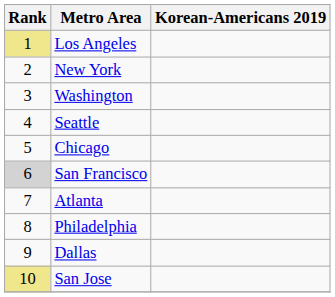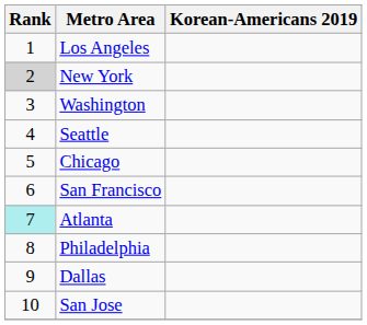 <table class="wikitable sortable">
 <tr>
 <th>Rank</th>
 <th>Metro Area</th>
 <th>Korean-Americans 2019</th>
 </tr>
 <tr>
-<td align=center style="background: khaki;">1</td>
+<td align=center>1</td>
 <td><a href='#'>Los Angeles</a></td>
 <td align=right></td>
 </tr>
 <tr>
-<td align=center>2</td>
+<td align=center style="background: lightgrey;">2</td>
 <td><a href='#'>New York</a></td>
 <td align=right></td>
 </tr>
 <tr |->
 <td align=center>3</td>
 <td><a href='#'>Washington</a></td>
 <td align=right></td>
 </tr>
 <tr>
 <td align=center>4</td>
 <td><a href='#'>Seattle</a></td>
 <td align=right></td>
 </tr>
 <tr>
 <td align=center>5</td>
 <td><a href='#'>Chicago</a></td>
 <td align=right></td>
 </tr>
 <tr>
-<td align=center style="background: lightgrey;">6</td>
+<td align=center>6</td>
 <td><a href='#'>San Francisco</a></td>
 <td align=right></td>
 </tr>
 <tr>
-<td align=center>7</td>
+<td align=center style="background: paleturquoise;">7</td>
 <td><a href='#'>Atlanta</a></td>
 <td align=right></td>
 </tr>
 <tr>
 <td align=center>8</td>
 <td><a href='#'>Philadelphia</a></td>
 <td align=right></td>
 </tr>
 <tr>
 <td align=center>9</td>
 <td><a href='#'>Dallas</a></td>
 <td align=right></td>
 </tr>
 <tr>
-<td align=center style="background: khaki;">10</td>
+<td align=center>10</td>
 <td><a href='#'>San Jose</a></td>
 <td align=right></td>
 </tr>
 <tr>
 </tr>
 </table>
